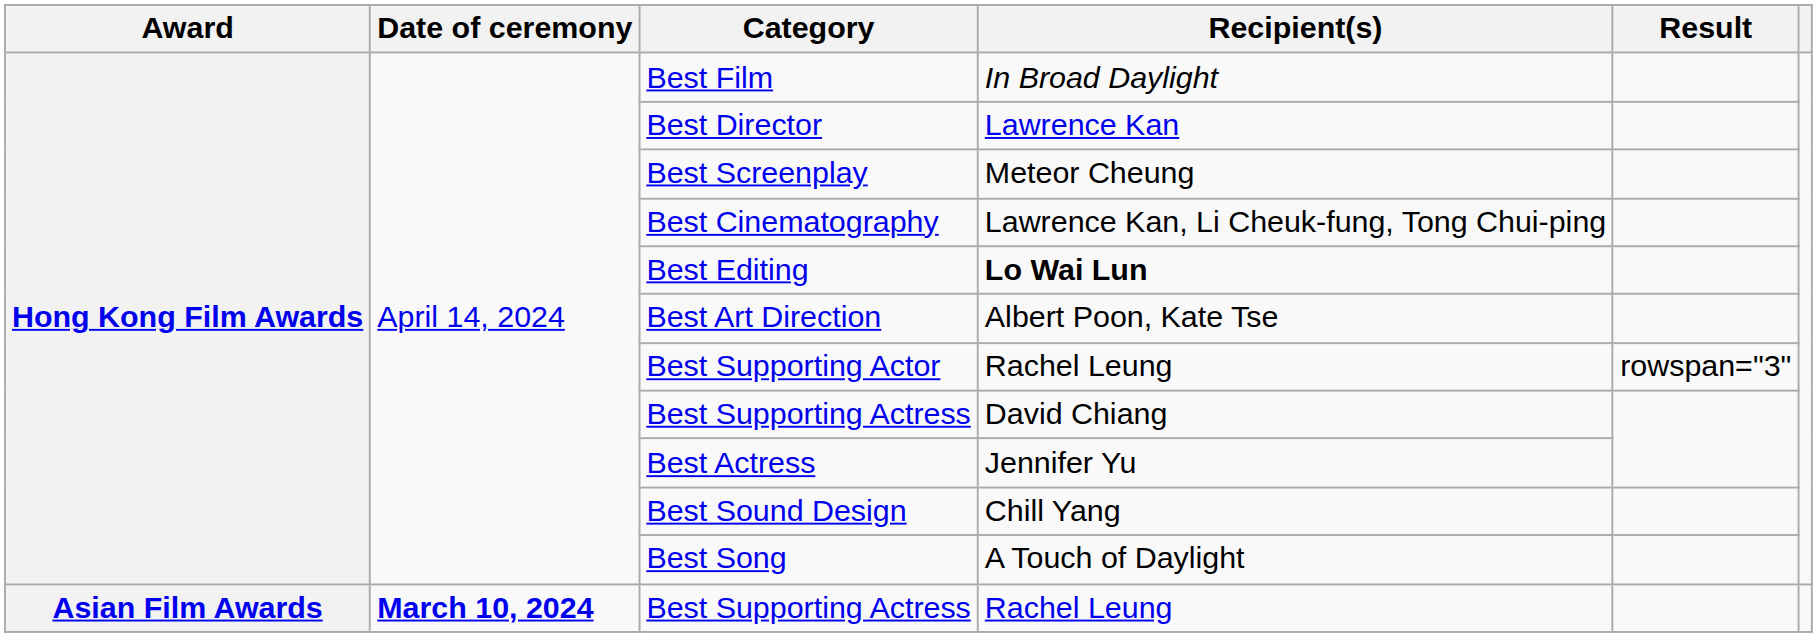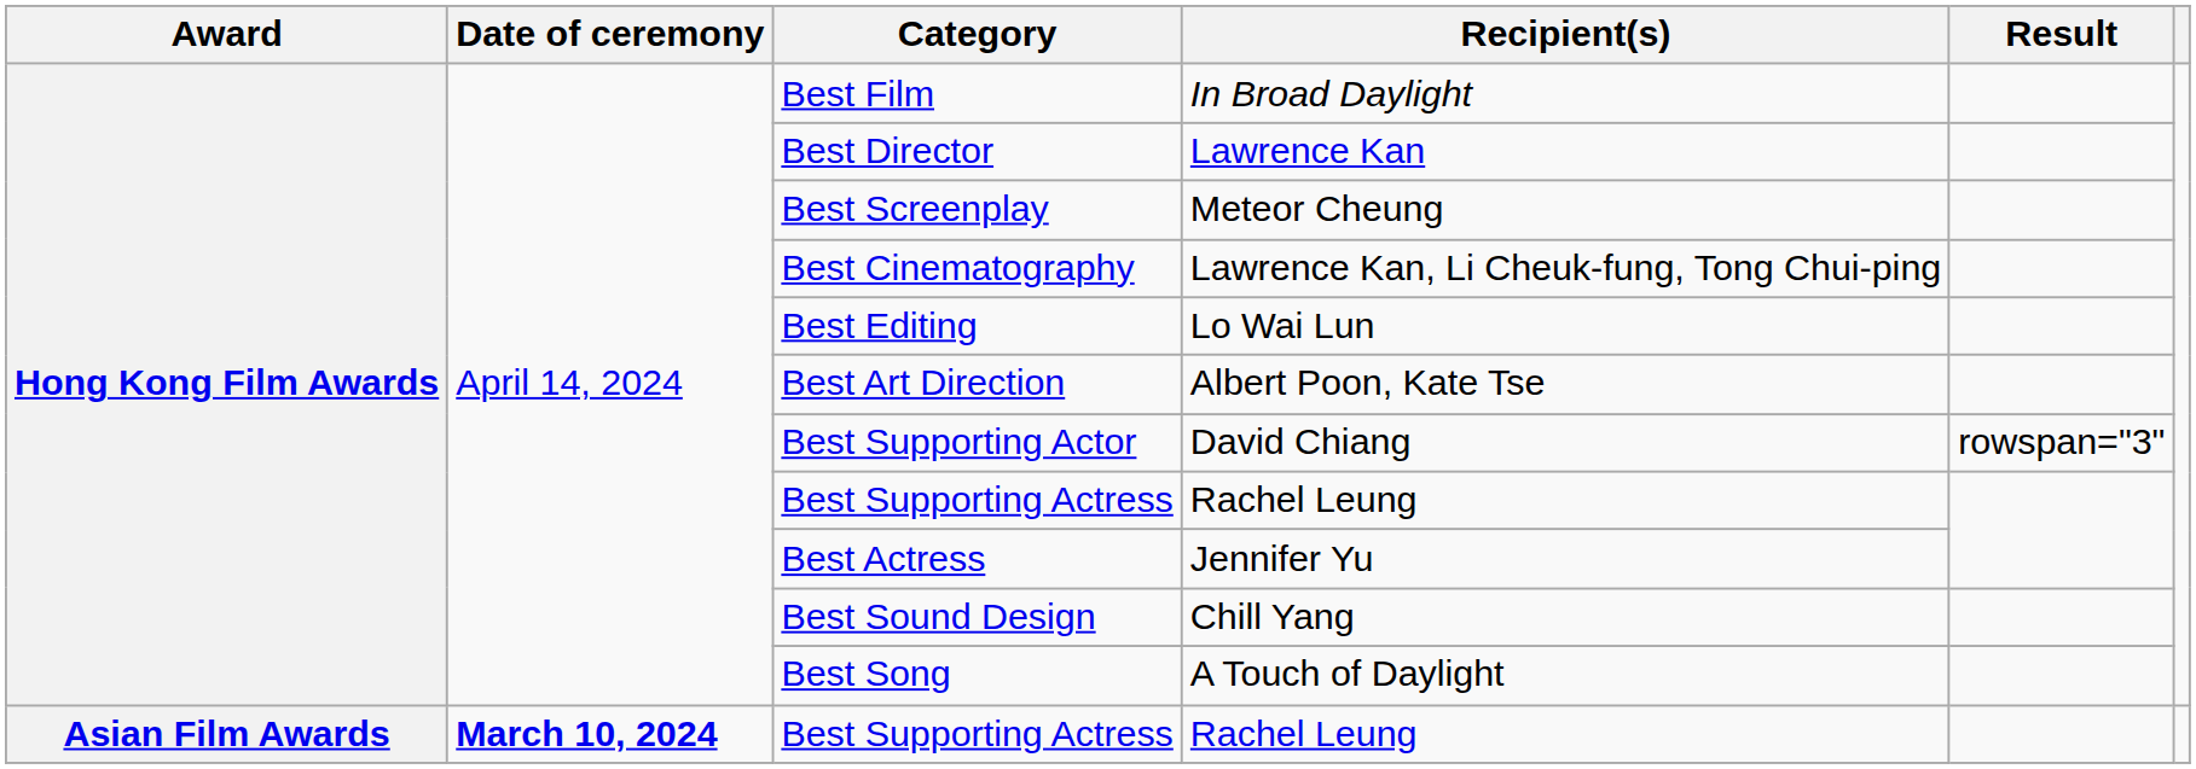 <table class="wikitable sortable plainrowheaders">
 <tr>
 <th>Award</th>
 <th>Date of ceremony</th>
 <th>Category</th>
 <th>Recipient(s)</th>
 <th>Result</th>
 <th></th>
 </tr>
 <tr>
 <th rowspan="11" scope="row"><a href='#'>Hong Kong Film Awards</a></th>
 <td rowspan="11"><a href='#'>April 14, 2024</a></td>
 <td><a href='#'>Best Film</a></td>
 <td><em>In Broad Daylight</em></td>
 <td></td>
 <td rowspan="11"></td>
 </tr>
 <tr>
 <td><a href='#'>Best Director</a></td>
 <td><a href='#'>Lawrence Kan</a></td>
 <td></td>
 </tr>
 <tr>
 <td><a href='#'>Best Screenplay</a></td>
 <td>Meteor Cheung</td>
 <td></td>
 </tr>
 <tr>
 <td><a href='#'>Best Cinematography</a></td>
 <td>Lawrence Kan, Li Cheuk-fung, Tong Chui-ping</td>
 <td></td>
 </tr>
 <tr>
 <td><a href='#'>Best Editing</a></td>
-<td><strong>Lo Wai Lun</strong></td>
+<td>Lo Wai Lun</td>
 <td></td>
 </tr>
 <tr>
 <td><a href='#'>Best Art Direction</a></td>
 <td>Albert Poon, Kate Tse</td>
 <td></td>
 </tr>
 <tr>
 <td><a href='#'>Best Supporting Actor</a></td>
-<td>Rachel Leung</td>
+<td>David Chiang</td>
 <td>rowspan="3" </td>
 </tr>
 <tr>
 <td><a href='#'>Best Supporting Actress</a></td>
-<td>David Chiang</td>
+<td>Rachel Leung</td>
 </tr>
 <tr>
 <td><a href='#'>Best  Actress</a></td>
 <td>Jennifer Yu</td>
 </tr>
 <tr>
 <td><a href='#'>Best Sound Design</a></td>
 <td>Chill Yang</td>
 <td></td>
 </tr>
 <tr>
 <td><a href='#'>Best Song</a></td>
 <td>A Touch of Daylight</td>
 <td></td>
 </tr>
 <tr>
 <th rowspan="1" scope="row"><a href='#'>Asian Film Awards</a></th>
 <td rowspan="1"><strong><a href='#'>March 10, 2024</a></strong></td>
 <td><a href='#'>Best Supporting Actress</a></td>
 <td><a href='#'>Rachel Leung</a></td>
 <td></td>
 <td></td>
 </tr>
 </table>
